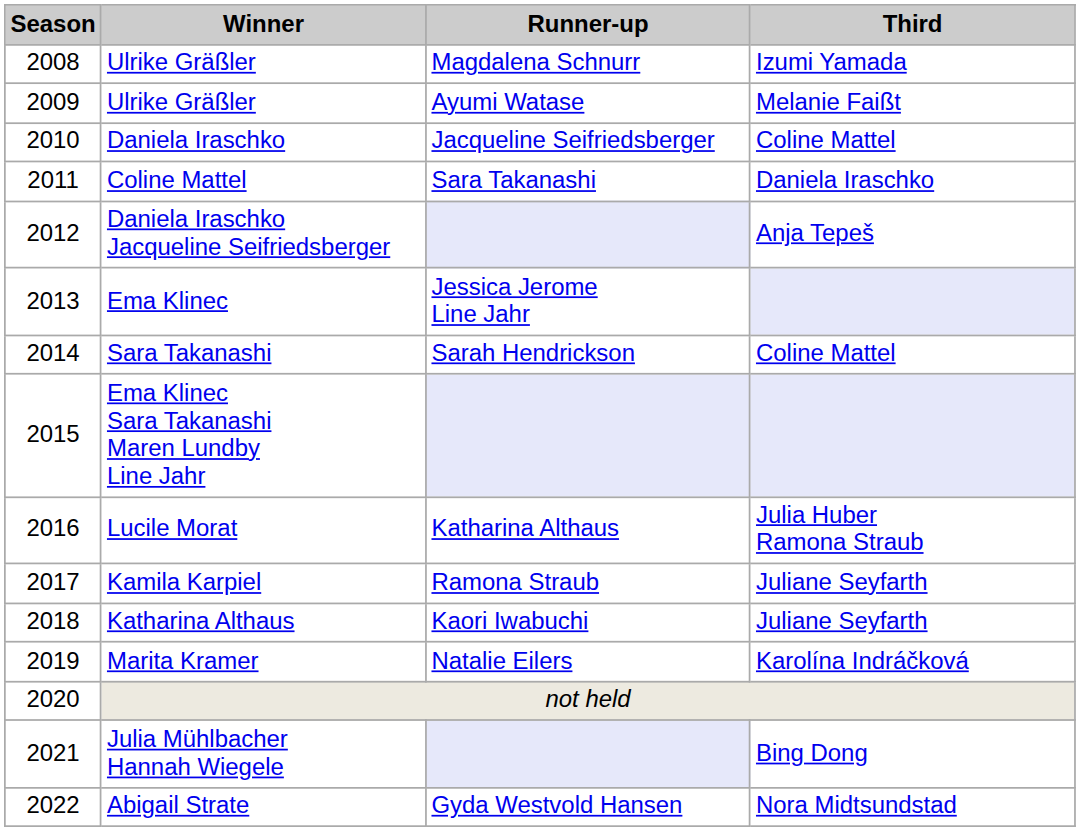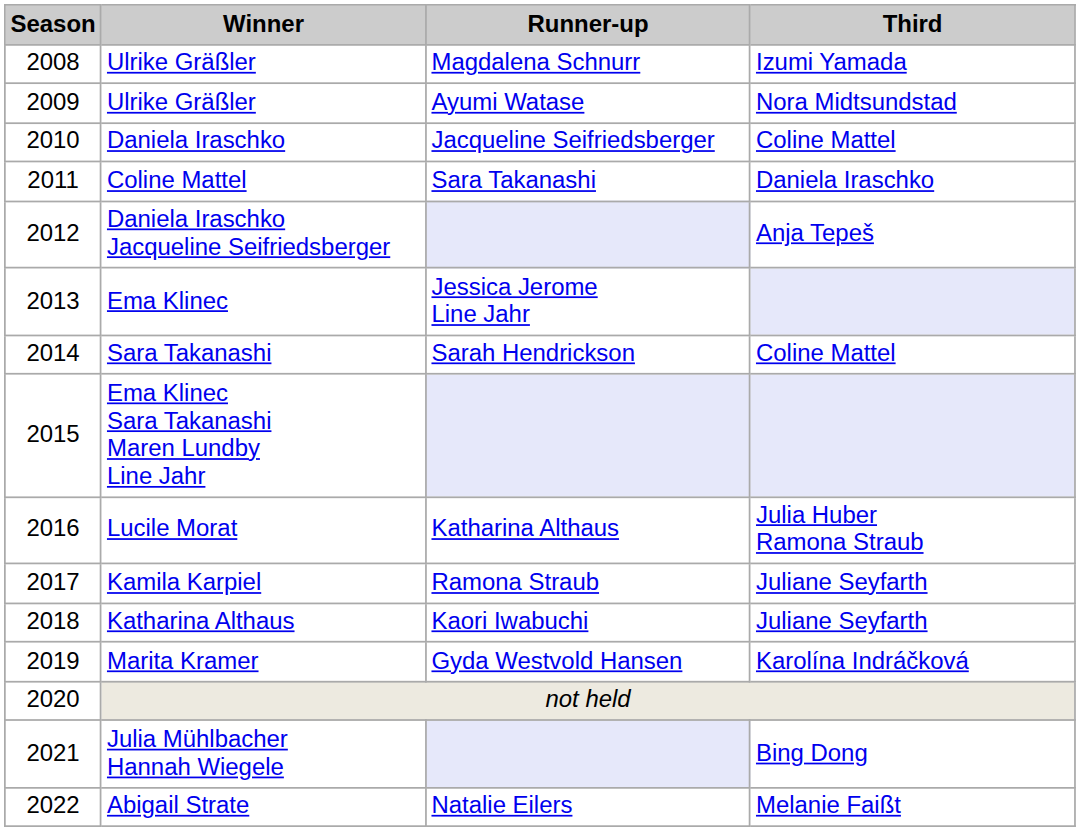 <table class="wikitable plainrowheaders" style="background:#fff; font-size:86%; line-height:16px; border:grey solid 1px; border-collapse:collapse;">
 <tr style="background:#ccc; text-align:center;">
 <th style="background:#ccc;" width="40">Season</th>
 <th style="background:#ccc;" width="180">Winner</th>
 <th style="background:#ccc;" width="180">Runner-up</th>
 <th style="background:#ccc;" width="180">Third</th>
 </tr>
 <tr>
 <td align=center>2008</td>
 <td> <a href='#'>Ulrike Gräßler</a></td>
 <td> <a href='#'>Magdalena Schnurr</a></td>
 <td> <a href='#'>Izumi Yamada</a></td>
 </tr>
 <tr>
 <td align=center>2009</td>
 <td> <a href='#'>Ulrike Gräßler</a></td>
 <td> <a href='#'>Ayumi Watase</a></td>
-<td> <a href='#'>Melanie Faißt</a></td>
+<td> <a href='#'>Nora Midtsundstad</a></td>
 </tr>
 <tr>
 <td align=center>2010</td>
 <td> <a href='#'>Daniela Iraschko</a></td>
 <td> <a href='#'>Jacqueline Seifriedsberger</a></td>
 <td> <a href='#'>Coline Mattel</a></td>
 </tr>
 <tr>
 <td align=center>2011</td>
 <td> <a href='#'>Coline Mattel</a></td>
 <td> <a href='#'>Sara Takanashi</a></td>
 <td> <a href='#'>Daniela Iraschko</a></td>
 </tr>
 <tr>
 <td align=center>2012</td>
 <td> <a href='#'>Daniela Iraschko</a><br> <a href='#'>Jacqueline Seifriedsberger</a></td>
 <td bgcolor="E6E8FA"></td>
 <td> <a href='#'>Anja Tepeš</a></td>
 </tr>
 <tr>
 <td align=center>2013</td>
 <td> <a href='#'>Ema Klinec</a></td>
 <td> <a href='#'>Jessica Jerome</a><br> <a href='#'>Line Jahr</a></td>
 <td bgcolor="E6E8FA"></td>
 </tr>
 <tr>
 <td align=center>2014</td>
 <td> <a href='#'>Sara Takanashi</a></td>
 <td> <a href='#'>Sarah Hendrickson</a></td>
 <td> <a href='#'>Coline Mattel</a></td>
 </tr>
 <tr>
 <td align=center>2015</td>
 <td> <a href='#'>Ema Klinec</a><br> <a href='#'>Sara Takanashi</a><br> <a href='#'>Maren Lundby</a><br> <a href='#'>Line Jahr</a></td>
 <td bgcolor="E6E8FA"></td>
 <td bgcolor="E6E8FA"></td>
 </tr>
 <tr>
 <td align=center>2016</td>
 <td> <a href='#'>Lucile Morat</a></td>
 <td> <a href='#'>Katharina Althaus</a></td>
 <td> <a href='#'>Julia Huber</a><br> <a href='#'>Ramona Straub</a></td>
 </tr>
 <tr>
 <td align=center>2017</td>
 <td> <a href='#'>Kamila Karpiel</a></td>
 <td> <a href='#'>Ramona Straub</a></td>
 <td> <a href='#'>Juliane Seyfarth</a></td>
 </tr>
 <tr>
 <td align=center>2018</td>
 <td> <a href='#'>Katharina Althaus</a></td>
 <td> <a href='#'>Kaori Iwabuchi</a></td>
 <td> <a href='#'>Juliane Seyfarth</a></td>
 </tr>
 <tr>
 <td align=center>2019</td>
 <td> <a href='#'>Marita Kramer</a></td>
-<td> <a href='#'>Natalie Eilers</a></td>
+<td> <a href='#'>Gyda Westvold Hansen</a></td>
 <td> <a href='#'>Karolína Indráčková</a></td>
 </tr>
 <tr>
 <td align=center>2020</td>
 <td align="center" colspan=6 bgcolor="EDEAE0"><em>not held</em></td>
 </tr>
 <tr>
 <td align=center>2021</td>
 <td> <a href='#'>Julia Mühlbacher</a><br> <a href='#'>Hannah Wiegele</a></td>
 <td bgcolor="E6E8FA"></td>
 <td> <a href='#'>Bing Dong</a></td>
 </tr>
 <tr>
 <td align=center>2022</td>
 <td> <a href='#'>Abigail Strate</a></td>
-<td> <a href='#'>Gyda Westvold Hansen</a></td>
-<td> <a href='#'>Nora Midtsundstad</a></td>
+<td> <a href='#'>Natalie Eilers</a></td>
+<td> <a href='#'>Melanie Faißt</a></td>
 </tr>
 </table>
